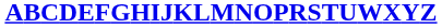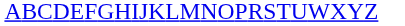 <table id="toc" class="toc" summary="Class">
 <tr>
 <th></th>
 </tr>
 <tr>
-<td style="text-align:center;"><strong><a href='#'>A</a><a href='#'>B</a><a href='#'>C</a><a href='#'>D</a><a href='#'>E</a><a href='#'>F</a><a href='#'>G</a><a href='#'>H</a><a href='#'>I</a><a href='#'>J</a><a href='#'>K</a><a href='#'>L</a><a href='#'>M</a><a href='#'>N</a><a href='#'>O</a><a href='#'>P</a><a href='#'>R</a><a href='#'>S</a><a href='#'>T</a><a href='#'>U</a><a href='#'>W</a><a href='#'>X</a><a href='#'>Y</a><a href='#'>Z</a></strong></td>
+<td style="text-align:center;"><a href='#'>A</a><a href='#'>B</a><a href='#'>C</a><a href='#'>D</a><a href='#'>E</a><a href='#'>F</a><a href='#'>G</a><a href='#'>H</a><a href='#'>I</a><a href='#'>J</a><a href='#'>K</a><a href='#'>L</a><a href='#'>M</a><a href='#'>N</a><a href='#'>O</a><a href='#'>P</a><a href='#'>R</a><a href='#'>S</a><a href='#'>T</a><a href='#'>U</a><a href='#'>W</a><a href='#'>X</a><a href='#'>Y</a><a href='#'>Z</a></td>
 </tr>
 </table>
